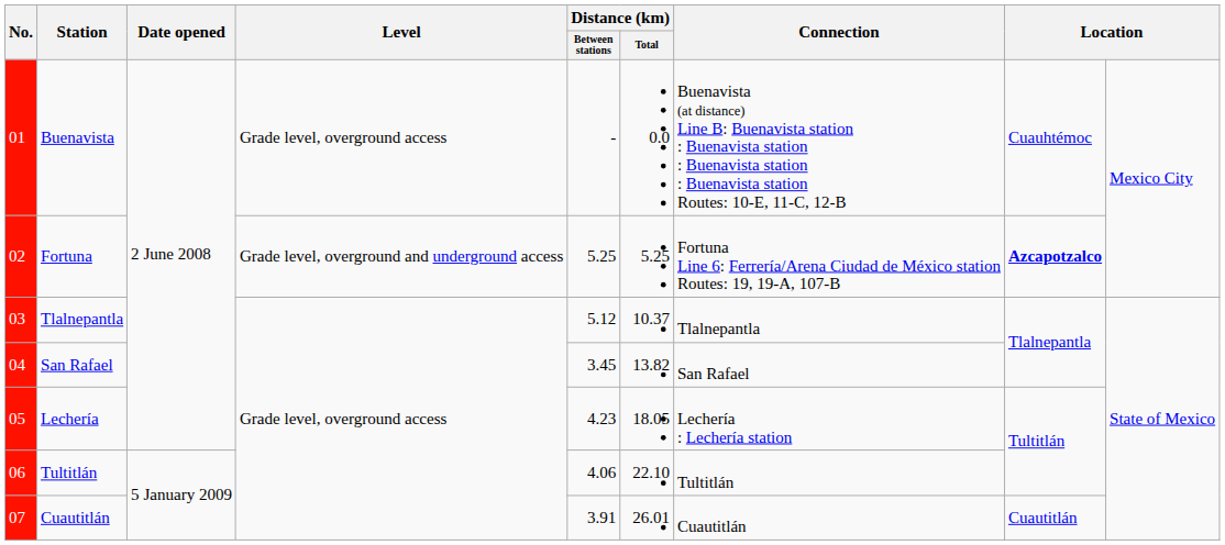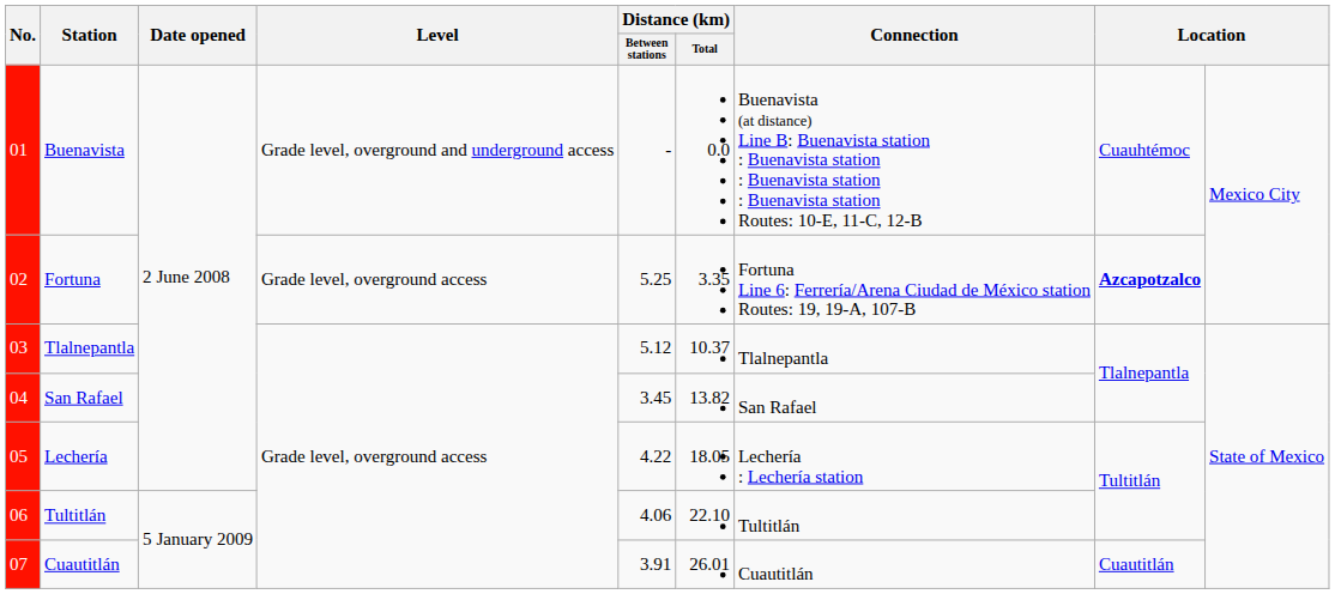 <table class="wikitable" rules="all">
 <tr>
 <th rowspan="2">No.</th>
 <th rowspan="2">Station</th>
 <th rowspan="2">Date opened</th>
 <th rowspan="2">Level</th>
 <th colspan="2">Distance (km)</th>
 <th rowspan="2">Connection</th>
 <th rowspan="2" colspan="2">Location</th>
 </tr>
 <tr>
 <th style="font-size: 65%;">Between<br>stations</th>
 <th style="font-size: 65%;">Total</th>
 </tr>
 <tr>
 <td style="background: #FF1100; color: white;">01</td>
 <td><a href='#'>Buenavista</a></td>
 <td rowspan="5">2 June 2008</td>
-<td>Grade level, overground access</td>
+<td>Grade level, overground and <a href='#'>underground</a> access</td>
 <td style="text-align:right;">-</td>
 <td style="text-align:right;">0.0</td>
 <td><br><li> Buenavista <li> <small>(at distance)</small> <li>  <a href='#'>Line B</a>: <a href='#'>Buenavista station</a> <li> : <a href='#'>Buenavista station</a> <li> : <a href='#'>Buenavista station</a> <li> : <a href='#'>Buenavista station</a> <li> Routes: 10-E, 11-C, 12-B</td>
 <td><a href='#'>Cuauhtémoc</a></td>
 <td rowspan=2><a href='#'>Mexico City</a></td>
 </tr>
 <tr>
 <td style="background: #FF1100; color: white;">02</td>
 <td><a href='#'>Fortuna</a></td>
-<td>Grade level, overground and <a href='#'>underground</a> access</td>
+<td>Grade level, overground access</td>
 <td style="text-align:right;">5.25</td>
-<td style="text-align:right;">5.25</td>
+<td style="text-align:right;">3.35</td>
 <td><br><li> Fortuna <li>  <a href='#'>Line 6</a>: <a href='#'>Ferrería/Arena Ciudad de México station</a> <li> Routes: 19, 19-A, 107-B</td>
 <td><strong><a href='#'>Azcapotzalco</a></strong></td>
 </tr>
 <tr>
 <td style="background: #FF1100; color: white;">03</td>
 <td><a href='#'>Tlalnepantla</a></td>
 <td rowspan="5">Grade level, overground access</td>
 <td style="text-align:right;">5.12</td>
 <td style="text-align:right;">10.37</td>
 <td><br><li> Tlalnepantla</td>
 <td rowspan=2><a href='#'>Tlalnepantla</a></td>
 <td rowspan=5><a href='#'>State of Mexico</a></td>
 </tr>
 <tr>
 <td style="background: #FF1100; color: white;">04</td>
 <td><a href='#'>San Rafael</a></td>
 <td style="text-align:right;">3.45</td>
 <td style="text-align:right;">13.82</td>
 <td><br><li> San Rafael</td>
 </tr>
 <tr>
 <td style="background: #FF1100; color: white;">05</td>
 <td><a href='#'>Lechería</a></td>
-<td style="text-align:right;">4.23</td>
+<td style="text-align:right;">4.22</td>
 <td style="text-align:right;">18.05</td>
 <td><br><li> Lechería <li> : <a href='#'>Lechería station</a></td>
 <td rowspan=2><a href='#'>Tultitlán</a></td>
 </tr>
 <tr>
 <td style="background: #FF1100; color: white;">06</td>
 <td><a href='#'>Tultitlán</a></td>
 <td rowspan="2">5 January 2009</td>
 <td style="text-align:right;">4.06</td>
 <td style="text-align:right;">22.10</td>
 <td><br><li> Tultitlán</td>
 </tr>
 <tr>
 <td style="background: #FF1100; color: white;">07</td>
 <td><a href='#'>Cuautitlán</a></td>
 <td style="text-align:right;">3.91</td>
 <td style="text-align:right;">26.01</td>
 <td><br><li> Cuautitlán</td>
 <td><a href='#'>Cuautitlán</a></td>
 </tr>
 </table>
